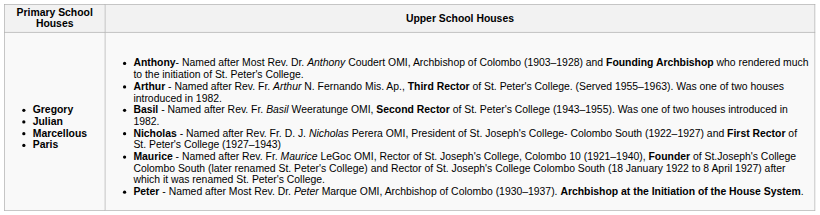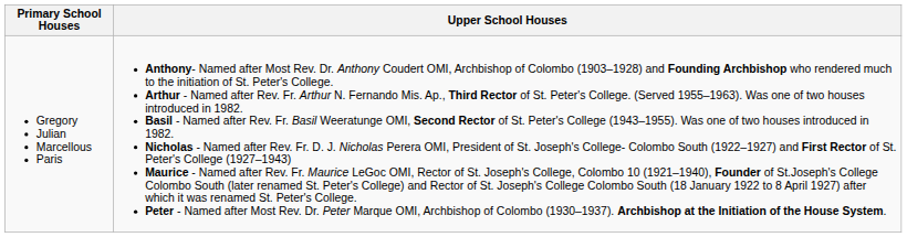 <table class="wikitable">
 <tr>
 <th><strong>Primary School Houses</strong></th>
 <th><strong>Upper School Houses</strong></th>
 </tr>
 <tr>
-<td><strong><br><ul><li>Gregory</li><li>Julian</li><li>Marcellous</li><li>Paris</li></ul></strong></td>
+<td><br><ul><li>Gregory</li><li>Julian</li><li>Marcellous</li><li>Paris</li></ul></td>
 <td><br><ul><li><strong>Anthony</strong>- Named after Most Rev. Dr. <em>Anthony</em> Coudert OMI, Archbishop of Colombo (1903–1928) and <strong>Founding Archbishop</strong> who rendered much to the initiation of St. Peter's College.</li><li><strong>Arthur</strong> - Named after Rev. Fr. <em>Arthur</em> N. Fernando Mis. Ap., <strong>Third Rector</strong> of St. Peter's College. (Served 1955–1963). Was one of two houses introduced in 1982.</li><li><strong>Basil</strong> - Named after Rev. Fr. <em>Basil</em> Weeratunge OMI, <strong>Second Rector</strong> of St. Peter's College (1943–1955). Was one of two houses introduced in 1982.</li><li><strong>Nicholas</strong> - Named after Rev. Fr. D. J. <em>Nicholas</em> Perera OMI, President of St. Joseph's College- Colombo South (1922–1927) and <strong>First Rector</strong> of St. Peter's College (1927–1943)</li><li><strong>Maurice</strong> - Named after Rev. Fr. <em>Maurice</em> LeGoc OMI, Rector of St. Joseph's College, Colombo 10 (1921–1940), <strong>Founder</strong> of St.Joseph's College Colombo South (later renamed St. Peter's College) and Rector of St. Joseph's College Colombo South (18 January 1922 to 8 April 1927) after which it was renamed St. Peter's College.</li><li><strong>Peter</strong> - Named after Most Rev. Dr. <em>Peter</em> Marque OMI, Archbishop of Colombo (1930–1937). <strong>Archbishop at the Initiation of the House System</strong>.</li></ul></td>
 </tr>
 </table>
